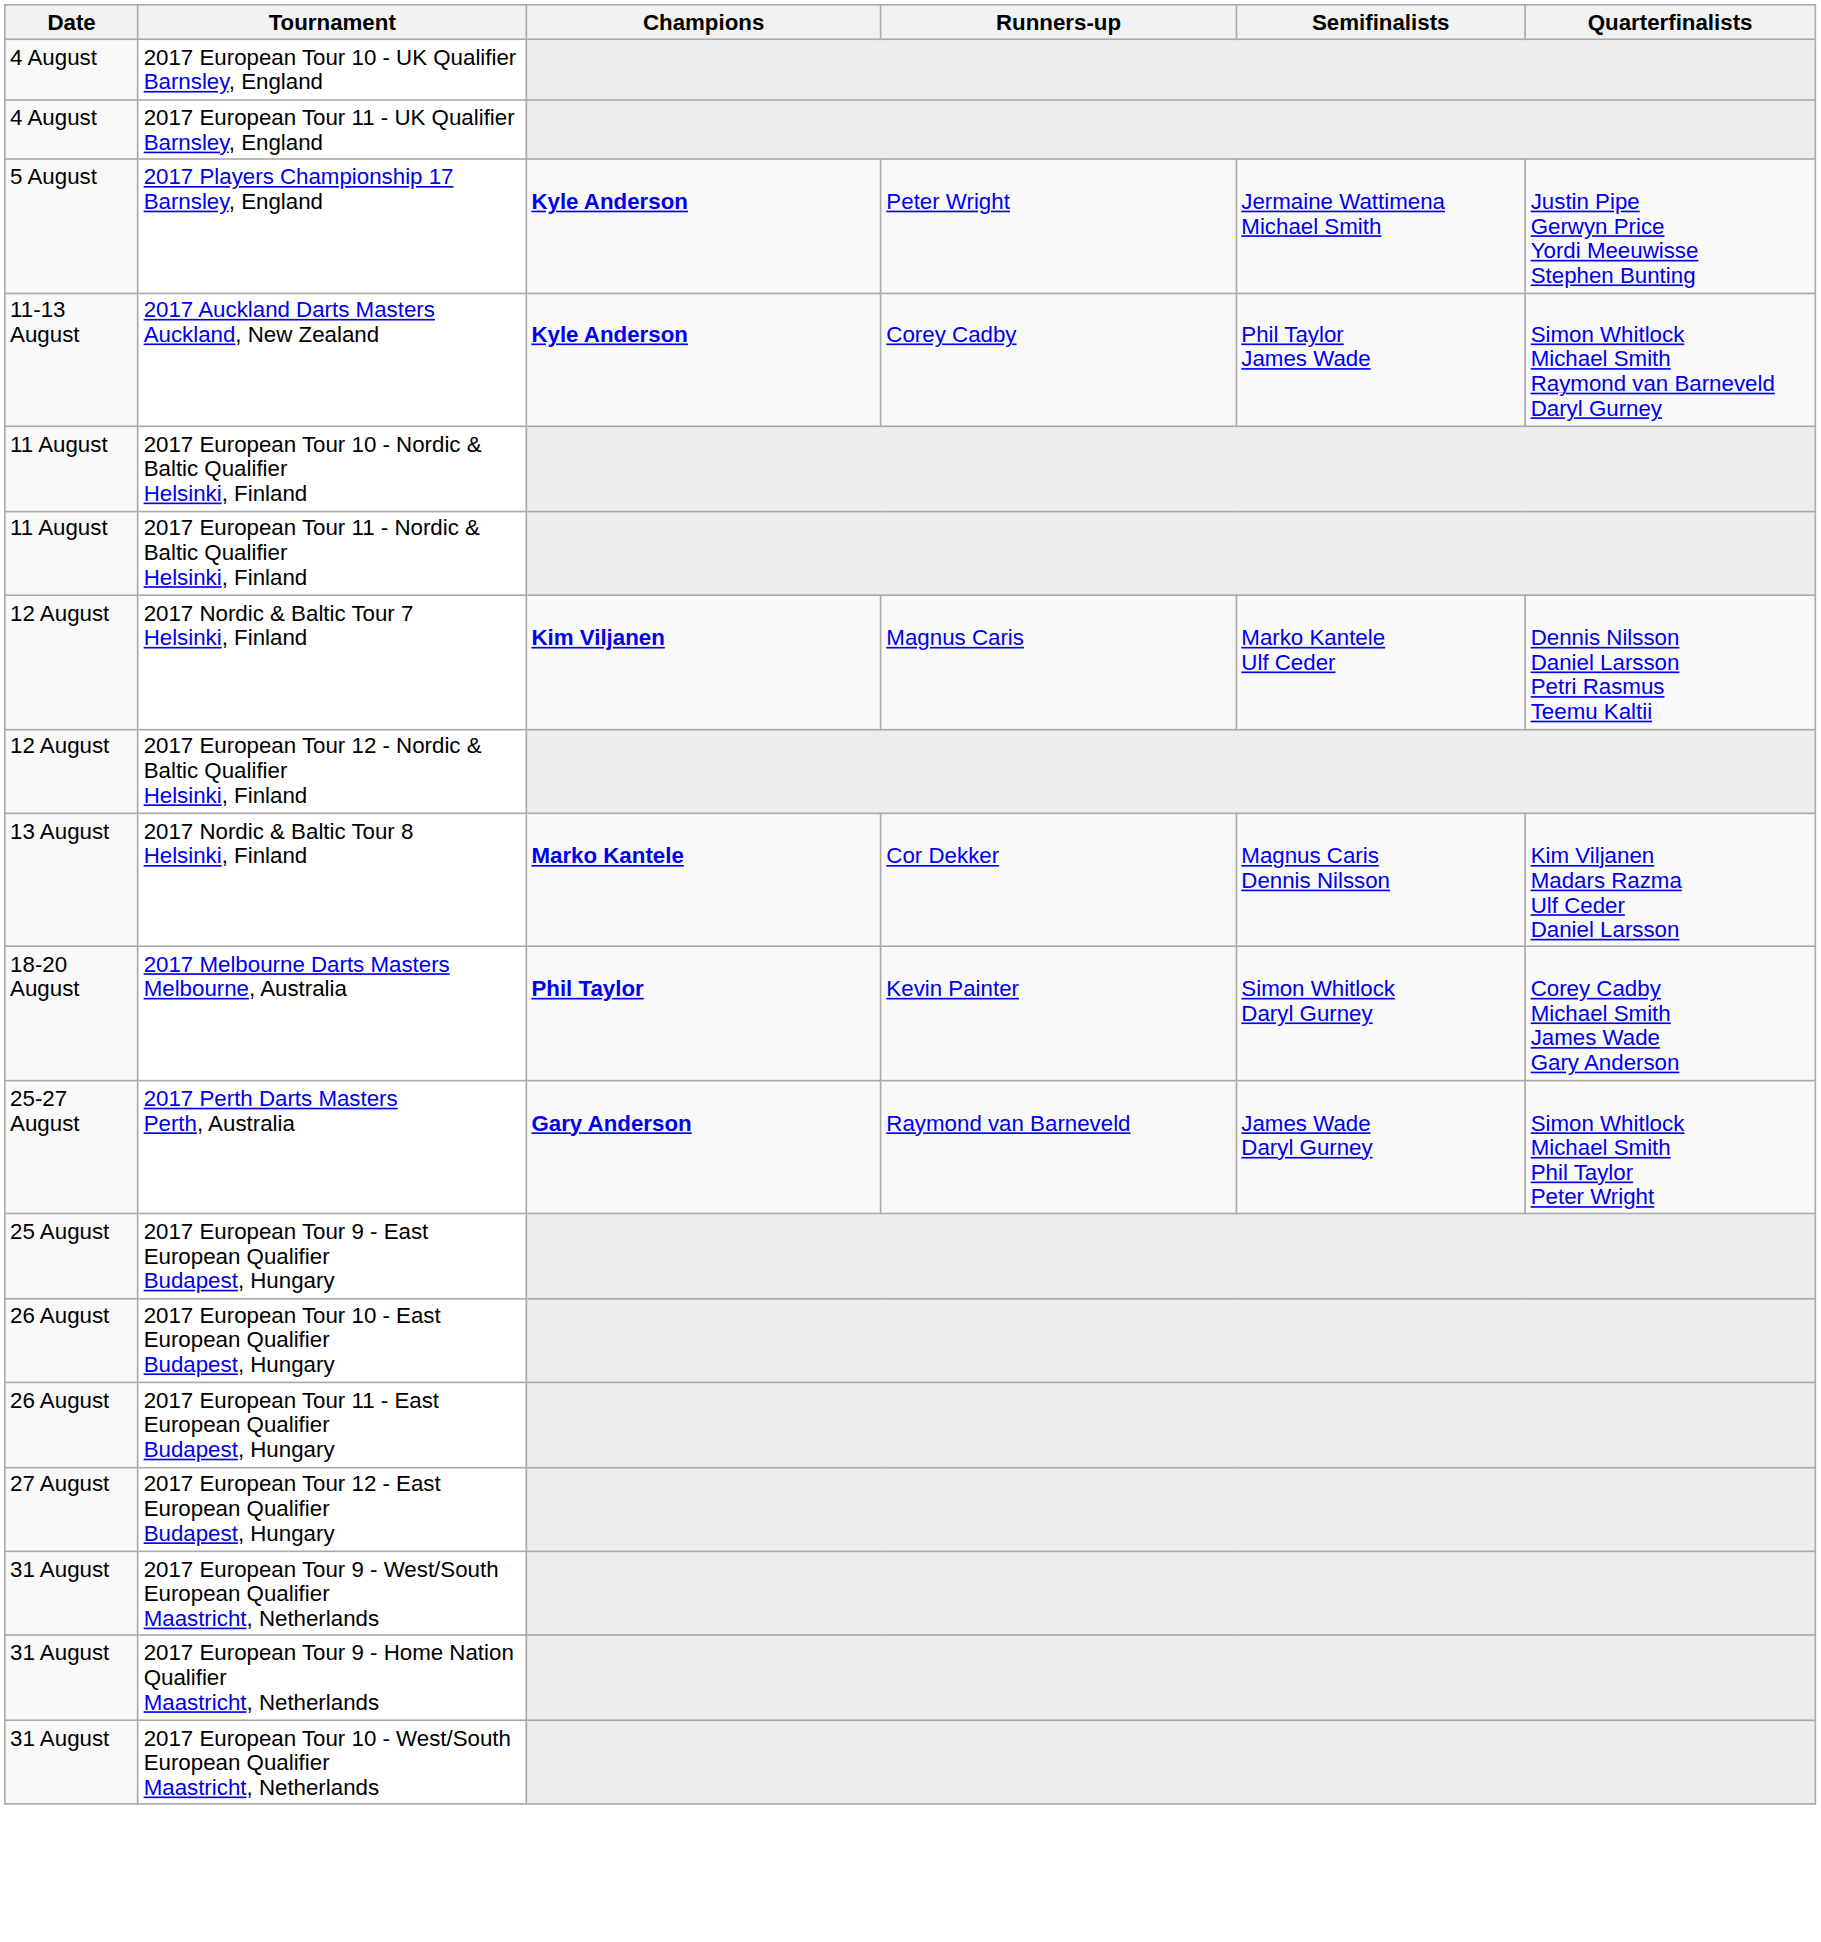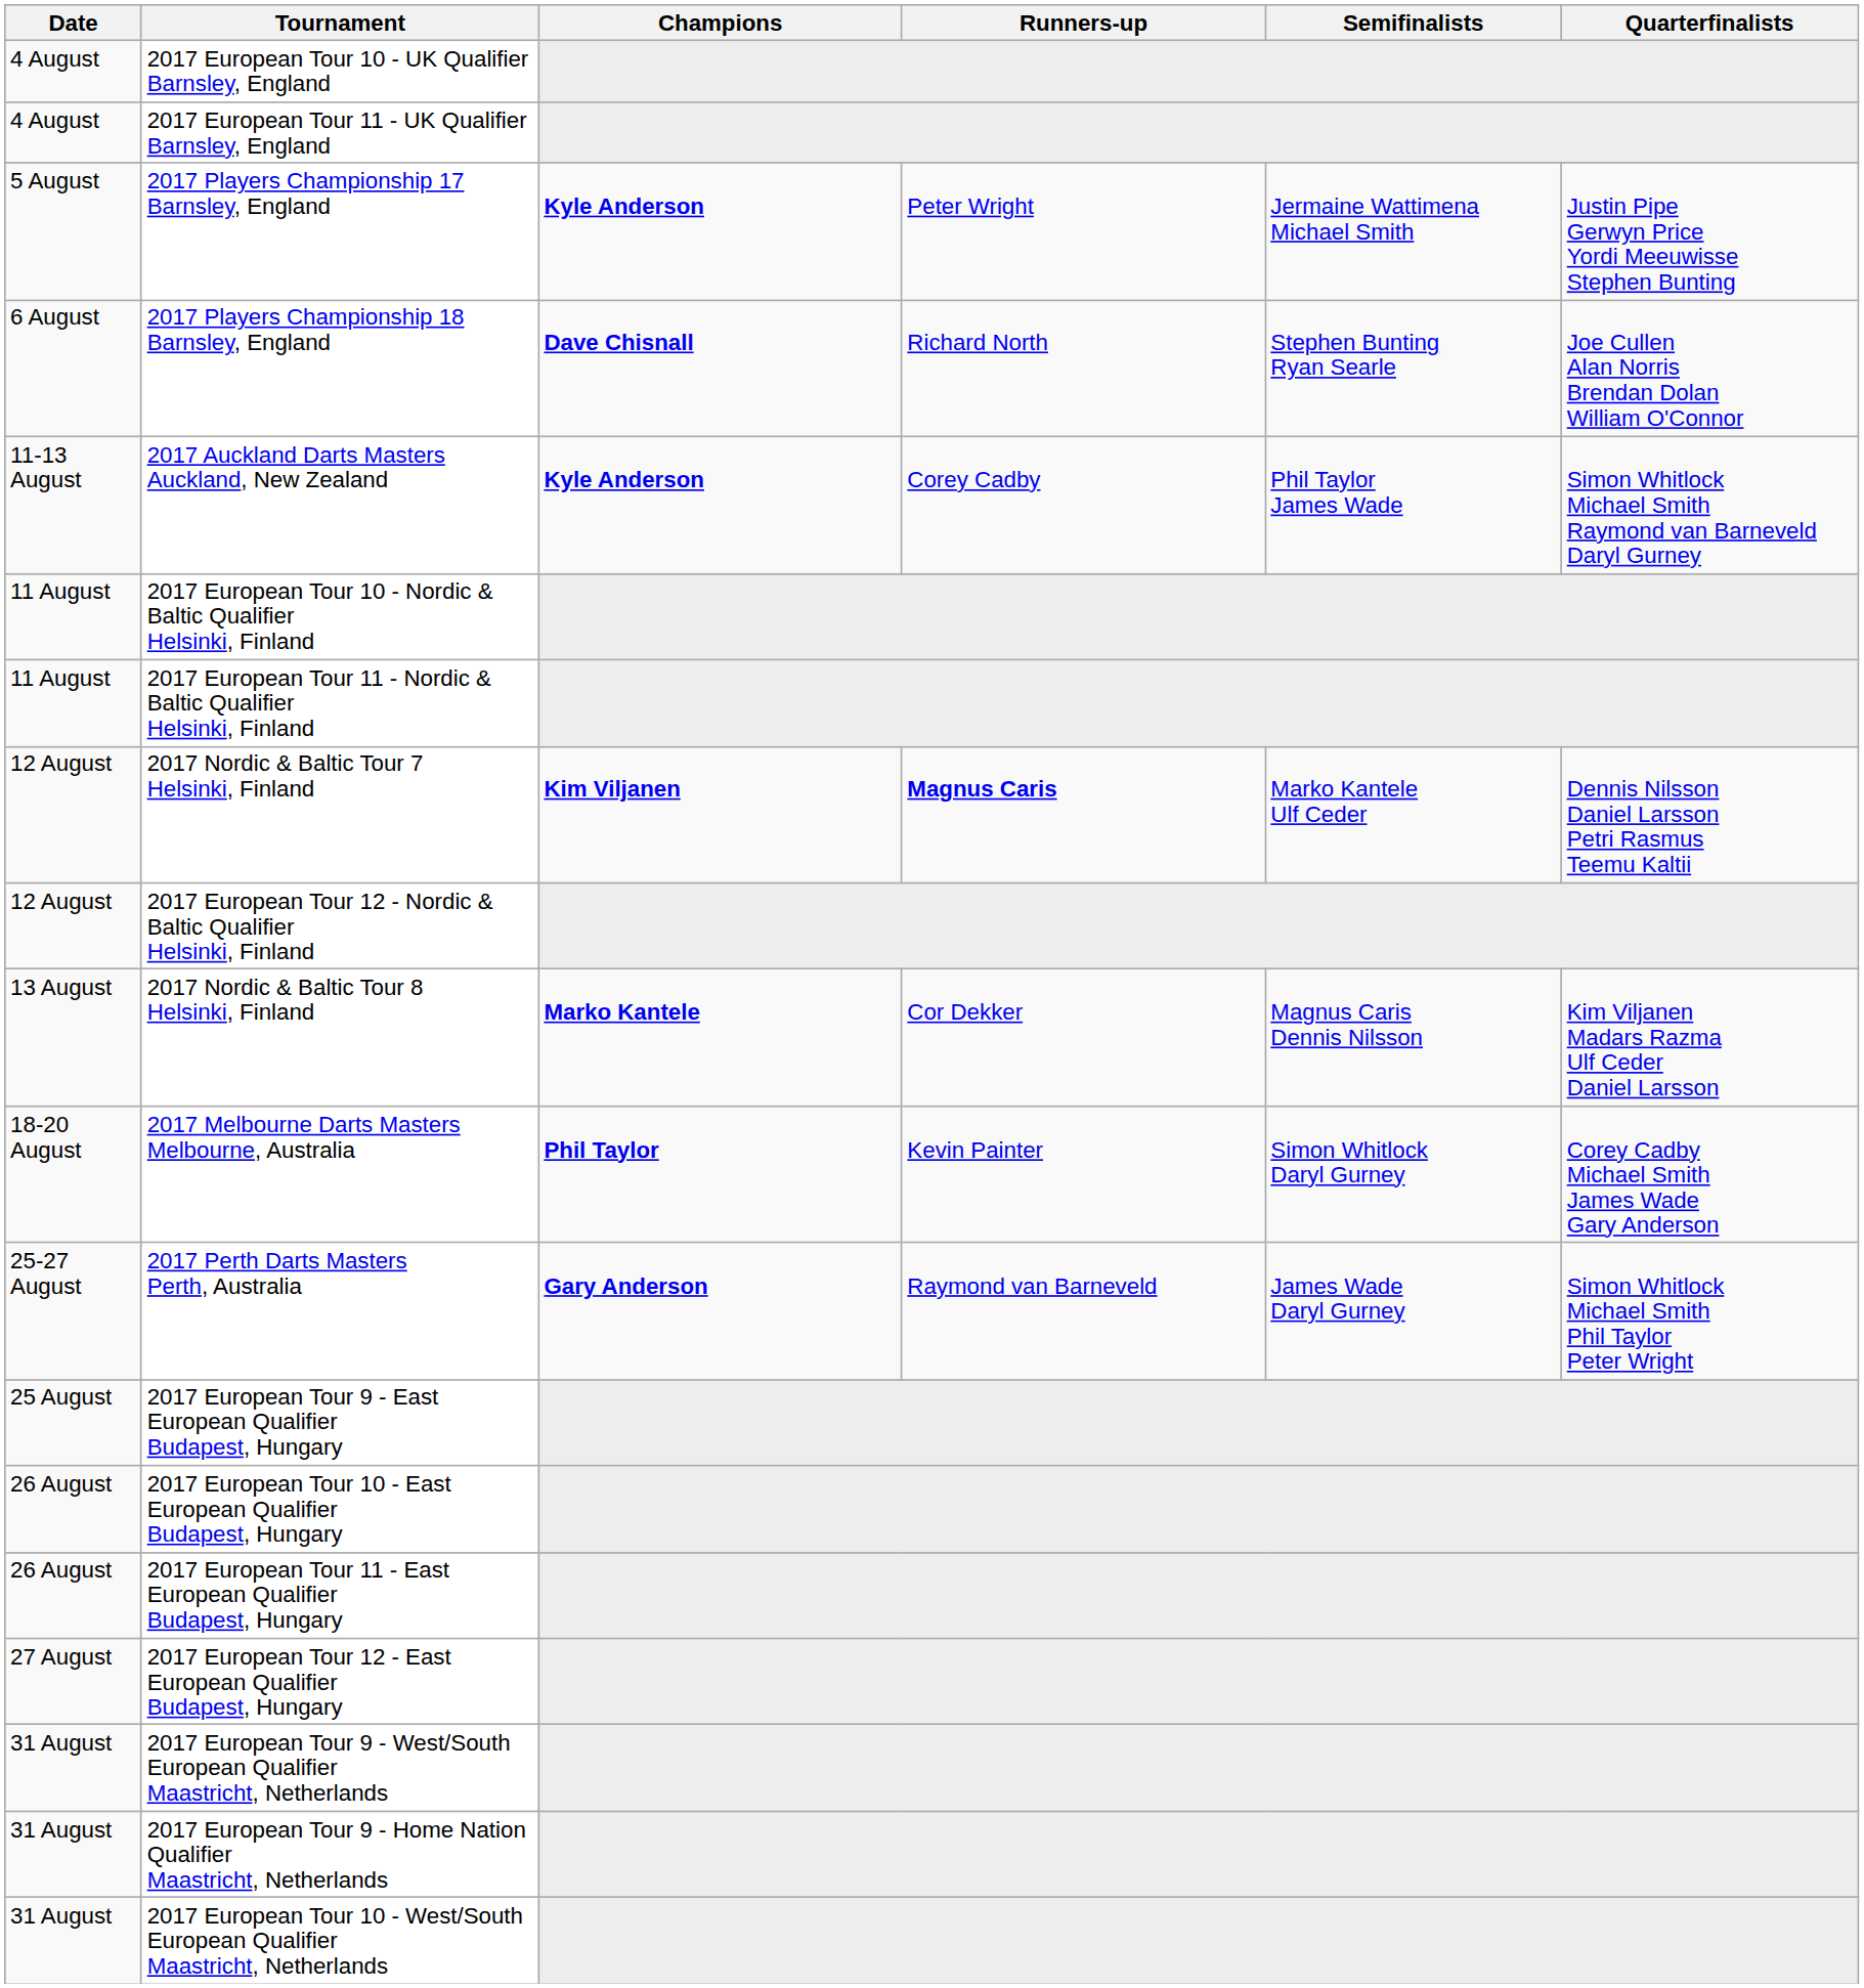 <table class=wikitable style=font-size:85%>
 <tr>
 <th width=75>Date</th>
 <th width=230>Tournament</th>
 <th width=210>Champions</th>
 <th width=210>Runners-up</th>
 <th width=170>Semifinalists</th>
 <th width=170>Quarterfinalists</th>
 </tr>
 <tr valign="top">
 <td>4 August</td>
 <td bgcolor="#ffffff">2017 European Tour 10 - UK Qualifier <br> <a href='#'>Barnsley</a>, England</td>
 <td colspan=4 bgcolor="#ededed"></td>
 </tr>
 <tr valign="top">
 <td>4 August</td>
 <td bgcolor="#ffffff">2017 European Tour 11 - UK Qualifier <br> <a href='#'>Barnsley</a>, England</td>
 <td colspan=4 bgcolor="#ededed"></td>
 </tr>
 <tr valign="top">
 <td>5 August</td>
 <td bgcolor="#ffffff"><a href='#'>2017 Players Championship 17</a><br><a href='#'>Barnsley</a>, England</td>
 <td><br> <strong><a href='#'>Kyle Anderson</a></strong></td>
 <td><br> <a href='#'>Peter Wright</a></td>
 <td><br> <a href='#'>Jermaine Wattimena</a> <br>  <a href='#'>Michael Smith</a></td>
 <td><br> <a href='#'>Justin Pipe</a> <br>  <a href='#'>Gerwyn Price</a> <br>  <a href='#'>Yordi Meeuwisse</a> <br>  <a href='#'>Stephen Bunting</a></td>
 </tr>
 <tr valign="top">
+<td>6 August</td>
+<td bgcolor="#ffffff"><a href='#'>2017 Players Championship 18</a><br><a href='#'>Barnsley</a>, England</td>
+<td><br> <strong><a href='#'>Dave Chisnall</a></strong></td>
+<td><br> <a href='#'>Richard North</a></td>
+<td><br> <a href='#'>Stephen Bunting</a> <br>  <a href='#'>Ryan Searle</a></td>
+<td><br> <a href='#'>Joe Cullen</a> <br>  <a href='#'>Alan Norris</a> <br>  <a href='#'>Brendan Dolan</a> <br>  <a href='#'>William O'Connor</a></td>
+</tr>
+<tr valign="top">
 <td>11-13 August</td>
 <td bgcolor="#ffffff"><a href='#'>2017 Auckland Darts Masters</a><br><a href='#'>Auckland</a>, New Zealand</td>
 <td><br> <strong><a href='#'>Kyle Anderson</a></strong></td>
 <td><br> <a href='#'>Corey Cadby</a></td>
 <td><br> <a href='#'>Phil Taylor</a> <br>  <a href='#'>James Wade</a></td>
 <td><br> <a href='#'>Simon Whitlock</a> <br>  <a href='#'>Michael Smith</a> <br>  <a href='#'>Raymond van Barneveld</a> <br>  <a href='#'>Daryl Gurney</a></td>
 </tr>
 <tr valign="top">
 <td>11 August</td>
 <td bgcolor="#ffffff">2017 European Tour 10 - Nordic & Baltic Qualifier <br> <a href='#'>Helsinki</a>, Finland</td>
 <td colspan=4 bgcolor="#ededed"></td>
 </tr>
 <tr valign="top">
 <td>11 August</td>
 <td bgcolor="#ffffff">2017 European Tour 11 - Nordic & Baltic Qualifier <br> <a href='#'>Helsinki</a>, Finland</td>
 <td colspan=4 bgcolor="#ededed"></td>
 </tr>
 <tr valign="top">
 <td>12 August</td>
 <td bgcolor="#ffffff">2017 Nordic & Baltic Tour 7<br><a href='#'>Helsinki</a>, Finland</td>
 <td><br> <strong><a href='#'>Kim Viljanen</a></strong></td>
-<td><br> <a href='#'>Magnus Caris</a></td>
+<td><strong><br> <a href='#'>Magnus Caris</a></strong></td>
 <td><br> <a href='#'>Marko Kantele</a> <br>  <a href='#'>Ulf Ceder</a></td>
 <td><br> <a href='#'>Dennis Nilsson</a> <br>  <a href='#'>Daniel Larsson</a> <br>  <a href='#'>Petri Rasmus</a> <br>  <a href='#'>Teemu Kaltii</a></td>
 </tr>
 <tr valign="top">
 <td>12 August</td>
 <td bgcolor="#ffffff">2017 European Tour 12 - Nordic & Baltic Qualifier <br> <a href='#'>Helsinki</a>, Finland</td>
 <td colspan=4 bgcolor="#ededed"></td>
 </tr>
 <tr valign="top">
 <td>13 August</td>
 <td bgcolor="#ffffff">2017 Nordic & Baltic Tour 8<br><a href='#'>Helsinki</a>, Finland</td>
 <td><br> <strong><a href='#'>Marko Kantele</a></strong></td>
 <td><br> <a href='#'>Cor Dekker</a></td>
 <td><br> <a href='#'>Magnus Caris</a> <br>  <a href='#'>Dennis Nilsson</a></td>
 <td><br> <a href='#'>Kim Viljanen</a> <br>  <a href='#'>Madars Razma</a> <br>  <a href='#'>Ulf Ceder</a> <br>  <a href='#'>Daniel Larsson</a></td>
 </tr>
 <tr valign="top">
 <td>18-20 August</td>
 <td bgcolor="#ffffff"><a href='#'>2017 Melbourne Darts Masters</a><br><a href='#'>Melbourne</a>, Australia</td>
 <td><br><strong> <a href='#'>Phil Taylor</a></strong></td>
 <td><br> <a href='#'>Kevin Painter</a></td>
 <td><br> <a href='#'>Simon Whitlock</a> <br>  <a href='#'>Daryl Gurney</a></td>
 <td><br> <a href='#'>Corey Cadby</a> <br>  <a href='#'>Michael Smith</a> <br>  <a href='#'>James Wade</a> <br>  <a href='#'>Gary Anderson</a></td>
 </tr>
 <tr valign="top">
 <td>25-27 August</td>
 <td bgcolor="#ffffff"><a href='#'>2017 Perth Darts Masters</a><br><a href='#'>Perth</a>, Australia</td>
 <td><br> <a href='#'><strong>Gary Anderson</strong></a></td>
 <td><br> <a href='#'>Raymond van Barneveld</a></td>
 <td><br> <a href='#'>James Wade</a> <br>  <a href='#'>Daryl Gurney</a></td>
 <td><br> <a href='#'>Simon Whitlock</a><br>  <a href='#'>Michael Smith</a><br> <strong></strong> <a href='#'>Phil Taylor</a><br>  <a href='#'>Peter Wright</a></td>
 </tr>
 <tr valign="top">
 <td>25 August</td>
 <td bgcolor="#ffffff">2017 European Tour 9 - East European Qualifier <br> <a href='#'>Budapest</a>, Hungary</td>
 <td colspan=4 bgcolor="#ededed"></td>
 </tr>
 <tr valign="top">
 <td>26 August</td>
 <td bgcolor="#ffffff">2017 European Tour 10 - East European Qualifier <br> <a href='#'>Budapest</a>, Hungary</td>
 <td colspan=4 bgcolor="#ededed"></td>
 </tr>
 <tr valign="top">
 <td>26 August</td>
 <td bgcolor="#ffffff">2017 European Tour 11 - East European Qualifier <br> <a href='#'>Budapest</a>, Hungary</td>
 <td colspan=4 bgcolor="#ededed"></td>
 </tr>
 <tr valign="top">
 <td>27 August</td>
 <td bgcolor="#ffffff">2017 European Tour 12 - East European Qualifier <br> <a href='#'>Budapest</a>, Hungary</td>
 <td colspan=4 bgcolor="#ededed"></td>
 </tr>
 <tr valign="top">
 <td>31 August</td>
 <td bgcolor="#ffffff">2017 European Tour 9 - West/South European Qualifier <br> <a href='#'>Maastricht</a>, Netherlands</td>
 <td colspan=4 bgcolor="#ededed"></td>
 </tr>
 <tr valign="top">
 <td>31 August</td>
 <td bgcolor="#ffffff">2017 European Tour 9 - Home Nation Qualifier <br> <a href='#'>Maastricht</a>, Netherlands</td>
 <td colspan=4 bgcolor="#ededed"></td>
 </tr>
 <tr valign="top">
 <td>31 August</td>
 <td bgcolor="#ffffff">2017 European Tour 10 - West/South European Qualifier <br> <a href='#'>Maastricht</a>, Netherlands</td>
 <td colspan=4 bgcolor="#ededed"></td>
 </tr>
 </table>
